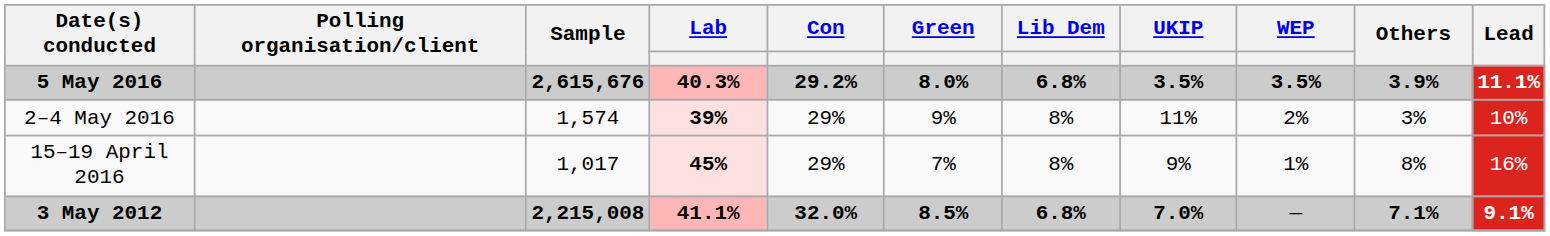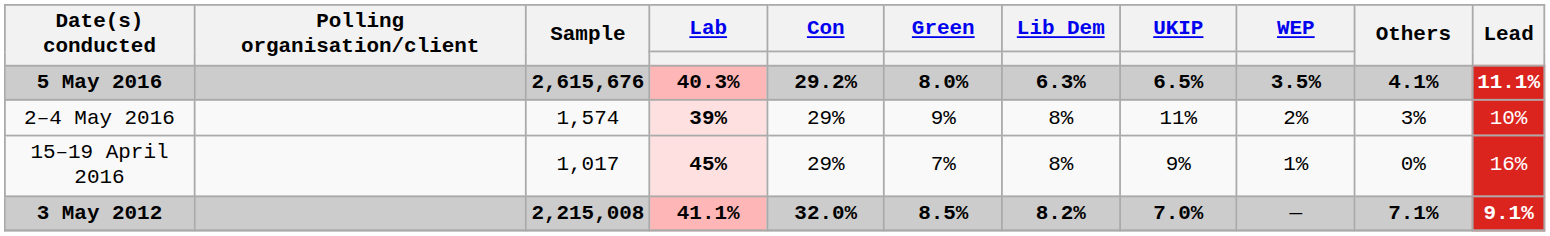 <table class="wikitable sortable" style="text-align:center;font-size:90%;line-height:14px">
 <tr>
 <th style="width:100px;" rowspan="2">Date(s)<br>conducted</th>
 <th style="width:180px;" rowspan="2">Polling organisation/client</th>
 <th style="width:60px;" rowspan="2">Sample</th>
 <th style="width:60px;" class="unsortable"><a href='#'>Lab</a></th>
 <th style="width:60px;" class="unsortable"><a href='#'>Con</a></th>
 <th style="width:60px;" class="unsortable"><a href='#'>Green</a></th>
 <th style="width:60px;" class="unsortable"><a href='#'>Lib Dem</a></th>
 <th style="width:60px;" class="unsortable"><a href='#'>UKIP</a></th>
 <th style="width:60px;" class="unsortable"><a href='#'>WEP</a></th>
 <th style="width:60px;" rowspan="2" class="unsortable">Others</th>
 <th class="unsortable" style="width:20px;" rowspan="2">Lead</th>
 </tr>
 <tr>
 <th class="unsortable" style="color:inherit;background:"></th>
 <th class="unsortable" style="color:inherit;background:"></th>
 <th class="unsortable" style="color:inherit;background:"></th>
 <th class="unsortable" style="color:inherit;background:"></th>
 <th class="unsortable" style="color:inherit;background:"></th>
 <th class="unsortable" style="color:inherit;background:"></th>
 </tr>
 <tr>
 <td style="background:#ccc;"><strong>5 May 2016</strong></td>
 <td style="background:#ccc;"><strong></strong></td>
 <td style="background:#ccc;"><strong> 2,615,676</strong></td>
 <td style="background:#FFB6B6;"><strong>40.3%</strong></td>
 <td style="background:#ccc;"><strong>29.2%</strong></td>
 <td style="background:#ccc;"><strong>8.0%</strong></td>
-<td style="background:#ccc;"><strong>6.8%</strong></td>
+<td style="background:#ccc;"><strong>6.3%</strong></td>
+<td style="background:#ccc;"><strong>6.5%</strong></td>
 <td style="background:#ccc;"><strong>3.5%</strong></td>
-<td style="background:#ccc;"><strong>3.5%</strong></td>
-<td style="background:#ccc;"><strong>3.9%</strong></td>
+<td style="background:#ccc;"><strong>4.1%</strong></td>
 <td style="background:#dc241f; color:white;"><strong>11.1%</strong></td>
 </tr>
 <tr>
 <td>2–4 May 2016</td>
 <td></td>
 <td>1,574</td>
 <td style="background:#ffe0e0"><strong>39%</strong></td>
 <td>29%</td>
 <td>9%</td>
 <td>8%</td>
 <td>11%</td>
 <td>2%</td>
 <td>3%</td>
 <td style="background:#dc241f; color:white;">10%</td>
 </tr>
 <tr>
 <td>15–19 April 2016</td>
 <td></td>
 <td>1,017</td>
 <td style="background:#ffe0e0"><strong>45%</strong></td>
 <td>29%</td>
 <td>7%</td>
 <td>8%</td>
 <td>9%</td>
 <td>1%</td>
-<td>8%</td>
+<td>0%</td>
 <td style="background:#dc241f; color:white;">16%</td>
 </tr>
 <tr>
 <td style="background:#ccc;"><strong>3 May 2012</strong></td>
 <td style="background:#ccc;"><strong></strong></td>
 <td style="background:#ccc;"><strong> 2,215,008</strong></td>
 <td style="background:#FFB6B6;"><strong>41.1%</strong></td>
 <td style="background:#ccc;"><strong>32.0%</strong></td>
 <td style="background:#ccc;"><strong>8.5%</strong></td>
-<td style="background:#ccc;"><strong>6.8%</strong></td>
+<td style="background:#ccc;"><strong>8.2%</strong></td>
 <td style="background:#ccc;"><strong>7.0%</strong></td>
 <td style="background:#ccc;">—</td>
 <td style="background:#ccc;"><strong>7.1%</strong></td>
 <td style="background:#dc241f; color:white;"><strong>9.1%</strong></td>
 </tr>
 <tr>
 </tr>
 </table>
